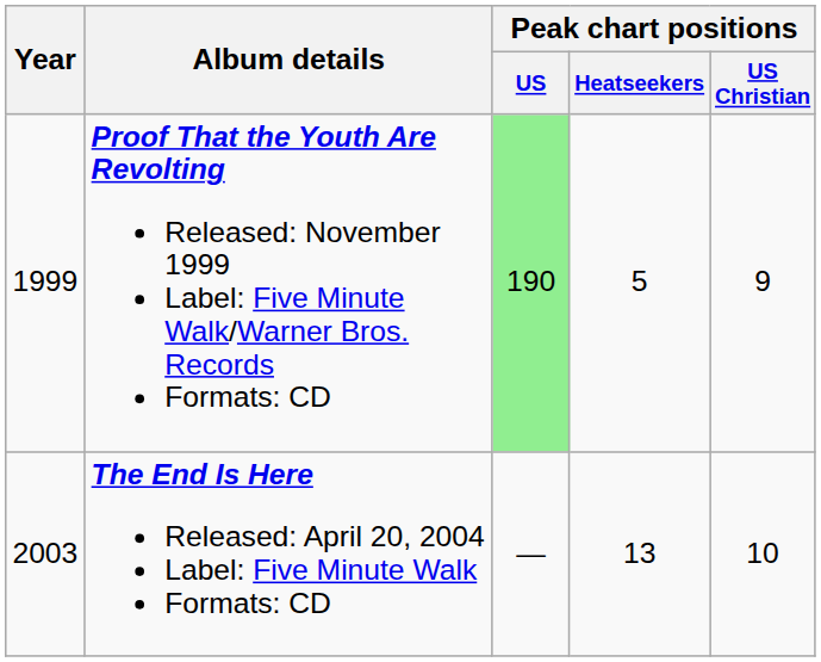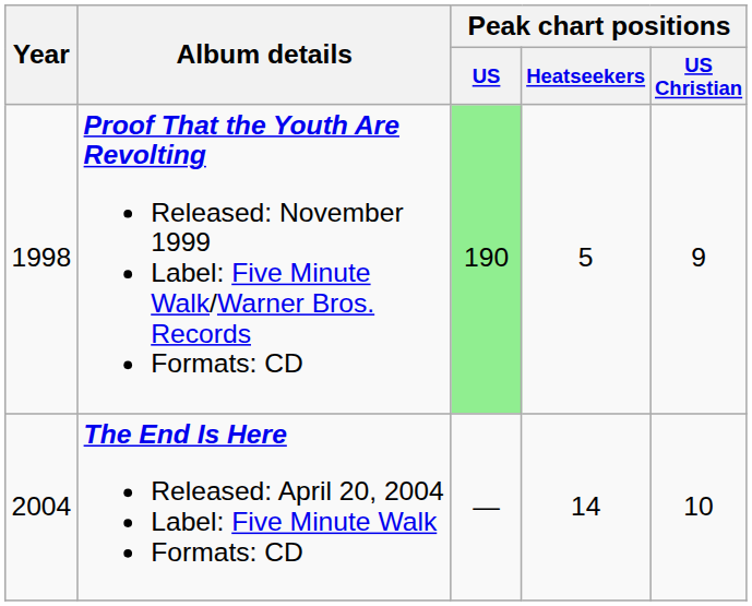 <table class ="wikitable">
 <tr>
 <th rowspan="2" style="width:33px;">Year</th>
 <th rowspan="2" style="width:215px;">Album details</th>
 <th colspan="3">Peak chart positions</th>
 </tr>
 <tr>
 <th style="width:3em;font-size:75%"><a href='#'>US</a><br></th>
 <th style="width:3em;font-size:75%"><a href='#'>Heatseekers</a><br></th>
 <th style="width:3em;font-size:75%"><a href='#'>US Christian</a><br></th>
 </tr>
 <tr>
-<td>1999</td>
+<td>1998</td>
 <td><strong><em><a href='#'>Proof That the Youth Are Revolting</a></em></strong><br><ul><li>Released: November 1999</li><li>Label: <a href='#'>Five Minute Walk</a>/<a href='#'>Warner Bros. Records</a></li><li>Formats: CD</li></ul></td>
 <td style="background: lightgreen; text-align:center;">190</td>
 <td style="text-align:center;">5</td>
 <td style="text-align:center;">9</td>
 </tr>
 <tr>
-<td>2003</td>
+<td>2004</td>
 <td><strong><em><a href='#'>The End Is Here</a></em></strong><br><ul><li>Released: April 20, 2004</li><li>Label: <a href='#'>Five Minute Walk</a></li><li>Formats: CD</li></ul></td>
 <td style="text-align:center;">—</td>
-<td style="text-align:center;">13</td>
+<td style="text-align:center;">14</td>
 <td style="text-align:center;">10</td>
 </tr>
 </table>
